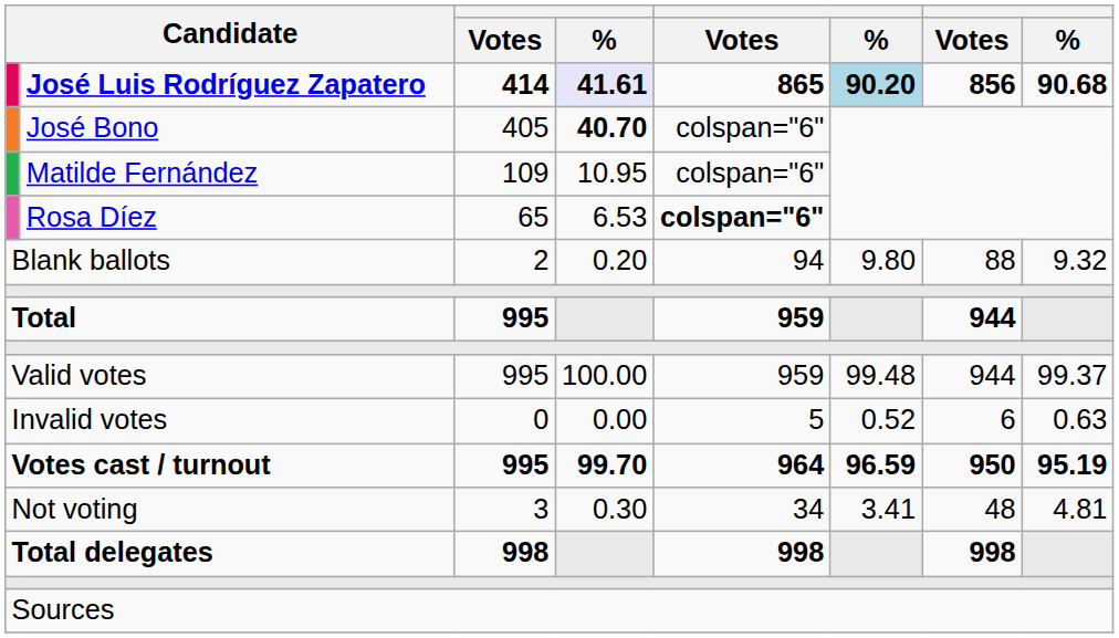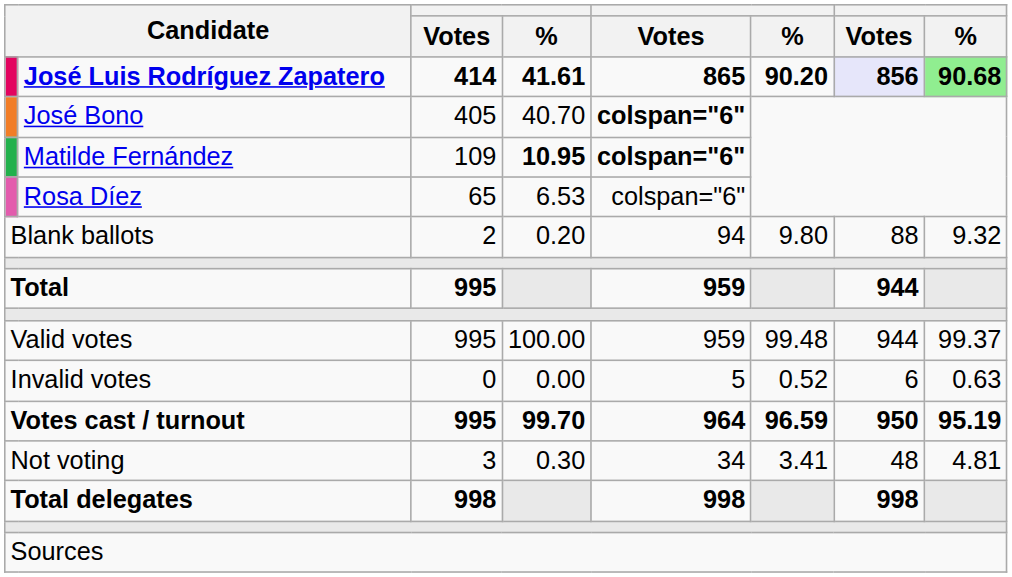 <table class="wikitable" style="text-align:right;">
 <tr>
 <th rowspan="2" colspan="2" width="250">Candidate</th>
 <th colspan="2"></th>
 <th colspan="2"></th>
 <th colspan="2"></th>
 </tr>
 <tr>
 <th width="50">Votes</th>
 <th width="45">%</th>
 <th width="50">Votes</th>
 <th width="45">%</th>
 <th width="50">Votes</th>
 <th width="45">%</th>
 </tr>
 <tr>
 <td width="1" style="color:inherit;background:#E3035F"></td>
 <td align="left"><strong><a href='#'>José Luis Rodríguez Zapatero</a></strong></td>
 <td><strong>414</strong></td>
-<td style="background: lavender;"><strong>41.61</strong></td>
+<td><strong>41.61</strong></td>
 <td><strong>865</strong></td>
-<td style="background: lightblue;"><strong>90.20</strong></td>
-<td><strong>856</strong></td>
-<td><strong>90.68</strong></td>
+<td><strong>90.20</strong></td>
+<td style="background: lavender;"><strong>856</strong></td>
+<td style="background: lightgreen;"><strong>90.68</strong></td>
 </tr>
 <tr>
 <td style="color:inherit;background:#F27D26"></td>
 <td align="left"><a href='#'>José Bono</a></td>
 <td>405</td>
-<td><strong>40.70</strong></td>
-<td>colspan="6" </td>
+<td>40.70</td>
+<td><strong>colspan="6" </strong></td>
 </tr>
 <tr>
 <td style="color:inherit;background:#22B14C"></td>
 <td align="left"><a href='#'>Matilde Fernández</a></td>
 <td>109</td>
-<td>10.95</td>
-<td>colspan="6" </td>
+<td><strong>10.95</strong></td>
+<td><strong>colspan="6" </strong></td>
 </tr>
 <tr>
 <td style="color:inherit;background:#E35BAD"></td>
 <td align="left"><a href='#'>Rosa Díez</a></td>
 <td>65</td>
 <td>6.53</td>
-<td><strong>colspan="6" </strong></td>
+<td>colspan="6" </td>
 </tr>
 <tr>
 <td align="left" colspan="2">Blank ballots</td>
 <td>2</td>
 <td>0.20</td>
 <td>94</td>
 <td>9.80</td>
 <td>88</td>
 <td>9.32</td>
 </tr>
 <tr>
 <td colspan="8" bgcolor="#E9E9E9"></td>
 </tr>
 <tr style="font-weight:bold;">
 <td align="left" colspan="2">Total</td>
 <td>995</td>
 <td bgcolor="#E9E9E9"></td>
 <td>959</td>
 <td bgcolor="#E9E9E9"></td>
 <td>944</td>
 <td bgcolor="#E9E9E9"></td>
 </tr>
 <tr>
 <td colspan="8" bgcolor="#E9E9E9"></td>
 </tr>
 <tr>
 <td align="left" colspan="2">Valid votes</td>
 <td>995</td>
 <td>100.00</td>
 <td>959</td>
 <td>99.48</td>
 <td>944</td>
 <td>99.37</td>
 </tr>
 <tr>
 <td align="left" colspan="2">Invalid votes</td>
 <td>0</td>
 <td>0.00</td>
 <td>5</td>
 <td>0.52</td>
 <td>6</td>
 <td>0.63</td>
 </tr>
 <tr style="font-weight:bold;">
 <td align="left" colspan="2">Votes cast / turnout</td>
 <td>995</td>
 <td>99.70</td>
 <td>964</td>
 <td>96.59</td>
 <td>950</td>
 <td>95.19</td>
 </tr>
 <tr>
 <td align="left" colspan="2">Not voting</td>
 <td>3</td>
 <td>0.30</td>
 <td>34</td>
 <td>3.41</td>
 <td>48</td>
 <td>4.81</td>
 </tr>
 <tr style="font-weight:bold;">
 <td align="left" colspan="2">Total delegates</td>
 <td>998</td>
 <td bgcolor="#E9E9E9"></td>
 <td>998</td>
 <td bgcolor="#E9E9E9"></td>
 <td>998</td>
 <td bgcolor="#E9E9E9"></td>
 </tr>
 <tr>
 <td colspan="8" bgcolor="#E9E9E9"></td>
 </tr>
 <tr>
 <td align="left" colspan="8">Sources</td>
 </tr>
 </table>
